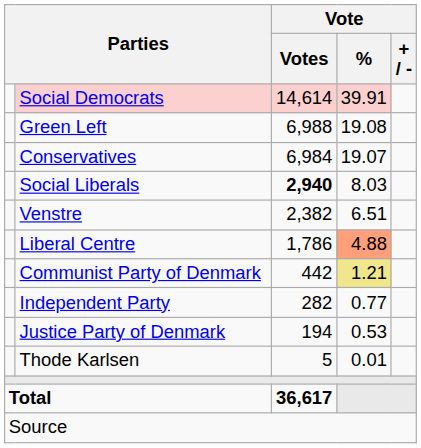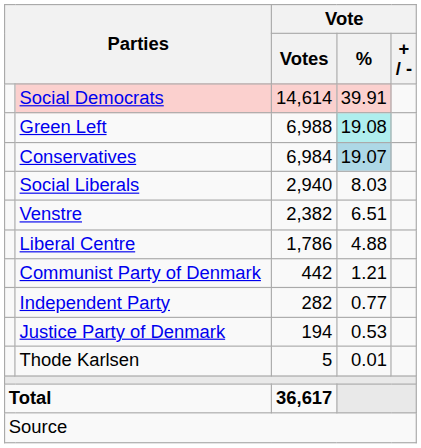 <table class="wikitable" style="text-align:right;">
 <tr>
 <th style="text-align:centre;" rowspan="2" colspan="2" width="225">Parties</th>
 <th colspan="3">Vote</th>
 </tr>
 <tr>
 <th width="15">Votes</th>
 <th width="15">%</th>
 <th width="15">+ / -</th>
 </tr>
 <tr>
 <td width="2" style="color:inherit;background:"></td>
 <td bgcolor=#fbd0ce  align="left"><a href='#'>Social Democrats</a></td>
 <td bgcolor=#fbd0ce>14,614</td>
 <td bgcolor=#fbd0ce>39.91</td>
 <td></td>
 </tr>
 <tr>
 <td width="2" style="color:inherit;background:"></td>
 <td align="left"><a href='#'>Green Left</a></td>
 <td>6,988</td>
-<td>19.08</td>
+<td style="background: paleturquoise;">19.08</td>
 <td></td>
 </tr>
 <tr>
 <td width="2" style="color:inherit;background:"></td>
 <td align="left"><a href='#'>Conservatives</a></td>
 <td>6,984</td>
-<td>19.07</td>
+<td style="background: lightblue;">19.07</td>
 <td></td>
 </tr>
 <tr>
 <td width="2" style="color:inherit;background:"></td>
 <td align="left"><a href='#'>Social Liberals</a></td>
-<td><strong>2,940</strong></td>
+<td>2,940</td>
 <td>8.03</td>
 <td></td>
 </tr>
 <tr>
 <td width="2" style="color:inherit;background:"></td>
 <td align="left"><a href='#'>Venstre</a></td>
 <td>2,382</td>
 <td>6.51</td>
 <td></td>
 </tr>
 <tr>
 <td width="2" style="color:inherit;background:"></td>
 <td align="left"><a href='#'>Liberal Centre</a></td>
 <td>1,786</td>
-<td style="background: lightsalmon;">4.88</td>
+<td>4.88</td>
 <td></td>
 </tr>
 <tr>
 <td width="2" style="color:inherit;background:"></td>
 <td align="left"><a href='#'>Communist Party of Denmark</a></td>
 <td>442</td>
-<td style="background: khaki;">1.21</td>
+<td>1.21</td>
 <td></td>
 </tr>
 <tr>
 <td width="2" style="color:inherit;background:"></td>
 <td align="left"><a href='#'>Independent Party</a></td>
 <td>282</td>
 <td>0.77</td>
 <td></td>
 </tr>
 <tr>
 <td width="2" style="color:inherit;background:"></td>
 <td align="left"><a href='#'>Justice Party of Denmark</a></td>
 <td>194</td>
 <td>0.53</td>
 <td></td>
 </tr>
 <tr>
 <td width="2" style="color:inherit;background:"></td>
 <td align="left">Thode Karlsen</td>
 <td>5</td>
 <td>0.01</td>
 <td></td>
 </tr>
 <tr>
 <td colspan="7" bgcolor="#E9E9E9"></td>
 </tr>
 <tr>
 <td align="left" colspan="2"><strong>Total</strong></td>
 <td><strong>36,617</strong></td>
 <td bgcolor="#E9E9E9" colspan="2"></td>
 </tr>
 <tr>
 <td align="left" colspan="6">Source</td>
 </tr>
 </table>
